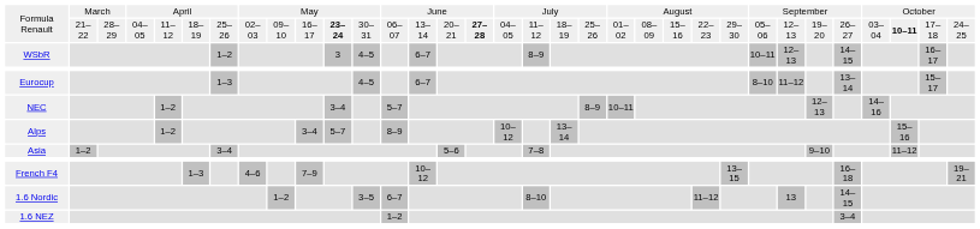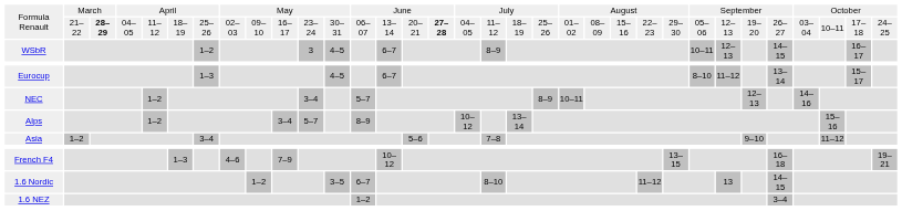 <table class="toccolours" style="margin:0.2em auto; clear:both; font-size:75%">
 <tr>
 <td align=center rowspan=2 width=80 style="background:#EFEFEF;">Formula<br>Renault</td>
 <td align=center colspan=2 style="background:#EFEFEF;">March</td>
 <td align=center colspan=4 style="background:#EFEFEF;">April</td>
 <td align=center colspan=5 style="background:#EFEFEF;">May</td>
 <td align=center colspan=4 style="background:#EFEFEF;">June</td>
 <td align=center colspan=4 style="background:#EFEFEF;">July</td>
 <td align=center colspan=5 style="background:#EFEFEF;">August</td>
 <td align=center colspan=4 style="background:#EFEFEF;">September</td>
 <td align=center colspan=4 style="background:#EFEFEF;">October</td>
 </tr>
 <tr align=center style="background:#EFEFEF;">
 <td>21–22</td>
-<td>28–29</td>
+<td><strong>28–29</strong></td>
 <td>04–05</td>
 <td>11–12</td>
 <td>18–19</td>
 <td>25–26</td>
 <td>02–03</td>
 <td>09–10</td>
 <td>16–17</td>
-<td><strong>23–24</strong></td>
+<td>23–24</td>
 <td>30–31</td>
 <td>06–07</td>
 <td>13–14</td>
 <td>20–21</td>
 <td><strong>27–28</strong></td>
 <td>04–05</td>
 <td>11–12</td>
 <td>18–19</td>
 <td>25–26</td>
 <td>01–02</td>
 <td>08–09</td>
 <td>15–16</td>
 <td>22–23</td>
 <td>29–30</td>
 <td>05–06</td>
 <td>12–13</td>
 <td>19–20</td>
 <td>26–27</td>
 <td>03–04</td>
-<td><strong>10–11</strong></td>
+<td>10–11</td>
 <td>17–18</td>
 <td>24–25</td>
 </tr>
 <tr align=center>
 <td style="background:#EFEFEF;"><a href='#'>WSbR</a></td>
 <td colspan=5 style="background:#E0E0E0;"></td>
 <td style="background:#C0C0C0;">1–2</td>
 <td colspan=3 style="background:#E0E0E0;"></td>
 <td style="background:#C0C0C0;">3</td>
 <td style="background:#C0C0C0;">4–5</td>
 <td style="background:#E0E0E0;"></td>
 <td style="background:#C0C0C0;">6–7</td>
 <td colspan=3 style="background:#E0E0E0;"></td>
 <td style="background:#C0C0C0;">8–9</td>
 <td colspan=7 style="background:#E0E0E0;"></td>
 <td style="background:#C0C0C0;">10–11</td>
 <td style="background:#C0C0C0;">12–13</td>
 <td style="background:#E0E0E0;"></td>
 <td style="background:#C0C0C0;">14–15</td>
 <td colspan=2 style="background:#E0E0E0;"></td>
 <td style="background:#C0C0C0;">16–17</td>
 <td style="background:#E0E0E0;"></td>
 </tr>
 <tr align=center>
 <td colspan=33></td>
 </tr>
 <tr align=center>
 <td style="background:#EFEFEF;"><a href='#'>Eurocup</a></td>
 <td colspan=5 style="background:#E0E0E0;"></td>
 <td style="background:#C0C0C0;">1–3</td>
 <td colspan=4 style="background:#E0E0E0;"></td>
 <td style="background:#C0C0C0;">4–5</td>
 <td style="background:#E0E0E0;"></td>
 <td style="background:#C0C0C0;">6–7</td>
 <td colspan=11 style="background:#E0E0E0;"></td>
 <td style="background:#C0C0C0;">8–10</td>
 <td style="background:#C0C0C0;">11–12</td>
 <td style="background:#E0E0E0;"></td>
 <td style="background:#C0C0C0;">13–14</td>
 <td colspan=2 style="background:#E0E0E0;"></td>
 <td style="background:#C0C0C0;">15–17</td>
 <td style="background:#E0E0E0;"></td>
 </tr>
 <tr align=center>
 <td style="background:#EFEFEF;"><a href='#'>NEC</a></td>
 <td colspan=3 style="background:#E0E0E0;"></td>
 <td style="background:#C0C0C0;">1–2</td>
 <td colspan=5 style="background:#E0E0E0;"></td>
 <td style="background:#C0C0C0;">3–4</td>
 <td style="background:#E0E0E0;"></td>
 <td style="background:#C0C0C0;">5–7</td>
 <td colspan=6 style="background:#E0E0E0;"></td>
 <td style="background:#C0C0C0;">8–9</td>
 <td style="background:#C0C0C0;">10–11</td>
 <td colspan=6 style="background:#E0E0E0;"></td>
 <td style="background:#C0C0C0;">12–13</td>
 <td style="background:#E0E0E0;"></td>
 <td style="background:#C0C0C0;">14–16</td>
 <td colspan=3 style="background:#E0E0E0;"></td>
 </tr>
 <tr align=center>
 <td style="background:#EFEFEF;"><a href='#'>Alps</a></td>
 <td colspan=3 style="background:#E0E0E0;"></td>
 <td style="background:#C0C0C0;">1–2</td>
 <td colspan=4 style="background:#E0E0E0;"></td>
 <td style="background:#C0C0C0;">3–4</td>
 <td style="background:#C0C0C0;">5–7</td>
 <td style="background:#E0E0E0;"></td>
 <td style="background:#C0C0C0;">8–9</td>
 <td colspan=3 style="background:#E0E0E0;"></td>
 <td style="background:#C0C0C0;">10–12</td>
 <td style="background:#E0E0E0;"></td>
 <td style="background:#C0C0C0;">13–14</td>
 <td colspan=11 style="background:#E0E0E0;"></td>
 <td style="background:#C0C0C0;">15–16</td>
 <td colspan=2 style="background:#E0E0E0;"></td>
 </tr>
 <tr align=center>
 <td style="background:#EFEFEF;"><a href='#'>Asia</a></td>
 <td style="background:#C0C0C0;">1–2</td>
 <td colspan=4 style="background:#E0E0E0;"></td>
 <td style="background:#C0C0C0;">3–4</td>
 <td colspan=7 style="background:#E0E0E0;"></td>
 <td style="background:#C0C0C0;">5–6</td>
 <td colspan=2 style="background:#E0E0E0;"></td>
 <td style="background:#C0C0C0;">7–8</td>
 <td colspan=9 style="background:#E0E0E0;"></td>
 <td style="background:#C0C0C0;">9–10</td>
 <td colspan=2 style="background:#E0E0E0;"></td>
 <td style="background:#C0C0C0;">11–12</td>
 <td colspan=2 style="background:#E0E0E0;"></td>
 </tr>
 <tr align=center>
 <td colspan=33></td>
 </tr>
 <tr align=center>
 <td style="background:#EFEFEF;"><a href='#'>French F4</a></td>
 <td colspan=4 style="background:#E0E0E0;"></td>
 <td style="background:#C0C0C0;">1–3</td>
 <td style="background:#E0E0E0;"></td>
 <td style="background:#C0C0C0;">4–6</td>
 <td style="background:#E0E0E0;"></td>
 <td style="background:#C0C0C0;">7–9</td>
 <td colspan=3 style="background:#E0E0E0;"></td>
 <td style="background:#C0C0C0;">10–12</td>
 <td colspan=10 style="background:#E0E0E0;"></td>
 <td style="background:#C0C0C0;">13–15</td>
 <td colspan=3 style="background:#E0E0E0;"></td>
 <td style="background:#C0C0C0;">16–18</td>
 <td colspan=3 style="background:#E0E0E0;"></td>
 <td style="background:#C0C0C0;">19–21</td>
 </tr>
 <tr align=center>
 <td style="background:#EFEFEF;"><a href='#'>1.6 Nordic</a></td>
 <td colspan=7 style="background:#E0E0E0;"></td>
 <td style="background:#C0C0C0;">1–2</td>
 <td colspan=2 style="background:#E0E0E0;"></td>
 <td style="background:#C0C0C0;">3–5</td>
 <td style="background:#C0C0C0;">6–7</td>
 <td colspan=4 style="background:#E0E0E0;"></td>
 <td style="background:#C0C0C0;">8–10</td>
 <td colspan=5 style="background:#E0E0E0;"></td>
 <td style="background:#C0C0C0;">11–12</td>
 <td colspan=2 style="background:#E0E0E0;"></td>
 <td style="background:#C0C0C0;">13</td>
 <td style="background:#E0E0E0;"></td>
 <td style="background:#C0C0C0;">14–15</td>
 <td colspan=4 style="background:#E0E0E0;"></td>
 </tr>
 <tr align=center>
 <td style="background:#EFEFEF;"><a href='#'>1.6 NEZ</a></td>
 <td colspan=11 style="background:#E0E0E0;"></td>
 <td style="background:#C0C0C0;">1–2</td>
 <td colspan=15 style="background:#E0E0E0;"></td>
 <td style="background:#C0C0C0;">3–4</td>
 <td colspan=4 style="background:#E0E0E0;"></td>
 </tr>
 </table>
